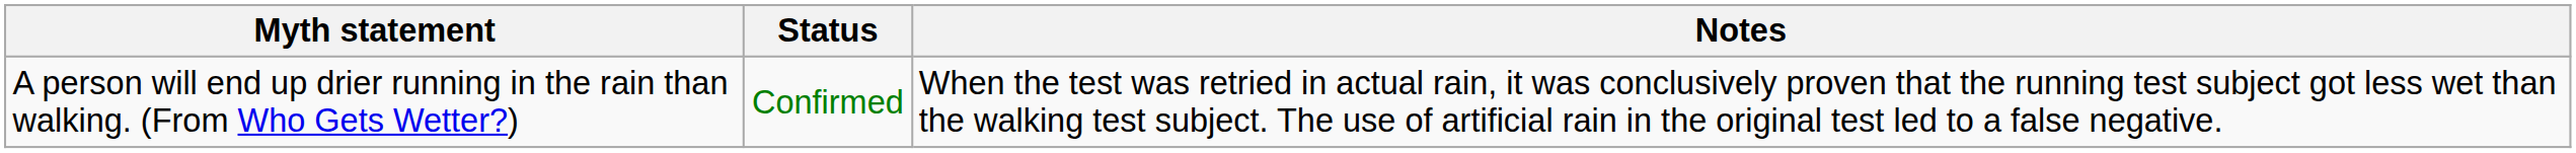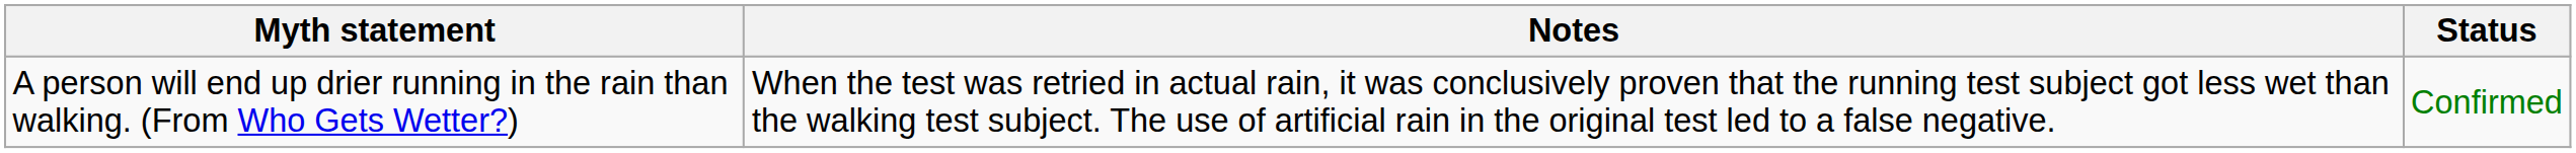 <table class="wikitable plainrowheaders">
 <tr>
 <th>Myth statement</th>
+<th>Notes</th>
 <th>Status</th>
-<th>Notes</th>
 </tr>
 <tr>
 <td>A person will end up drier running in the rain than walking. (From <a href='#'>Who Gets Wetter?</a>)</td>
+<td>When the test was retried in actual rain, it was conclusively proven that the running test subject got less wet than the walking test subject. The use of artificial rain in the original test led to a false negative.</td>
 <td style="color:green">Confirmed</td>
-<td>When the test was retried in actual rain, it was conclusively proven that the running test subject got less wet than the walking test subject. The use of artificial rain in the original test led to a false negative.</td>
 </tr>
 </table>
